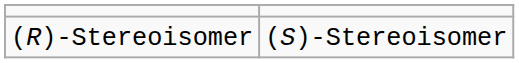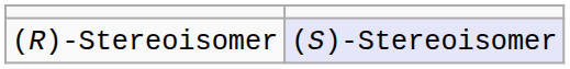 <table class="wikitable" style="text-align:center">
 <tr>
 <td></td>
 <td></td>
 </tr>
 <tr>
 <td>(<em>R</em>)-Stereoisomer</td>
-<td>(<em>S</em>)-Stereoisomer</td>
+<td style="background: lavender;">(<em>S</em>)-Stereoisomer</td>
 </tr>
 </table>
